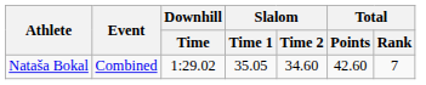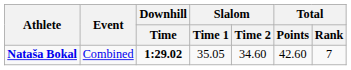 <table class="wikitable" style="font-size:90%">
 <tr>
 <th rowspan="2">Athlete</th>
 <th rowspan="2">Event</th>
 <th>Downhill</th>
 <th colspan="2">Slalom</th>
 <th colspan="2">Total</th>
 </tr>
 <tr>
 <th>Time</th>
 <th>Time 1</th>
 <th>Time 2</th>
 <th>Points</th>
 <th>Rank</th>
 </tr>
 <tr>
-<td><a href='#'>Nataša Bokal</a></td>
+<td><strong><a href='#'>Nataša Bokal</a></strong></td>
 <td><a href='#'>Combined</a></td>
-<td align="center">1:29.02</td>
+<td align="center"><strong>1:29.02</strong></td>
 <td align="center">35.05</td>
 <td align="center">34.60</td>
 <td align="center">42.60</td>
 <td align="center">7</td>
 </tr>
 </table>
